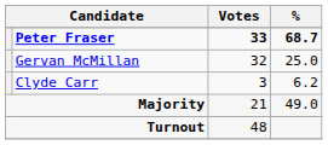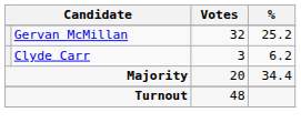 <table class="wikitable" style="font-size: 95%;">
 <tr style="background-color:#E9E9E9">
 <th colspan="2" style="width: 170px">Candidate</th>
 <th style="width: 50px">Votes</th>
 <th style="width: 40px">%</th>
 </tr>
 <tr>
 </tr>
 <tr>
 <th style="background-color: "></th>
-<td style="width: 170px"><strong><a href='#'>Peter Fraser</a></strong></td>
-<td align="right"><strong>33</strong></td>
-<td align="right"><strong>68.7</strong></td>
-</tr>
-<tr>
-<th style="background-color: "></th>
 <td style="width: 170px"><a href='#'>Gervan McMillan</a></td>
 <td align="right">32</td>
-<td align="right">25.0</td>
+<td align="right">25.2</td>
 </tr>
 <tr>
 <th style="background-color: "></th>
 <td style="width: 170px"><a href='#'>Clyde Carr</a></td>
 <td align="right">3</td>
 <td align="right">6.2</td>
 </tr>
 <tr style="background-color:#F6F6F6">
 <td colspan="2" align="right"><strong>Majority</strong></td>
-<td align="right">21</td>
-<td align="right">49.0</td>
+<td align="right">20</td>
+<td align="right">34.4</td>
 </tr>
 <tr>
 </tr>
 <tr style="background-color:#F6F6F6">
 <td colspan="2" align="right"><strong>Turnout</strong></td>
 <td align="right">48</td>
 <td></td>
 </tr>
 <tr>
 </tr>
 <tr style="background-color:#F6F6F6">
 </tr>
 </table>
